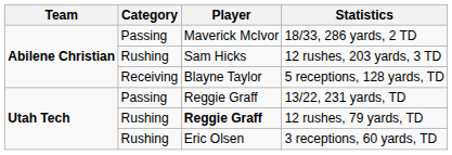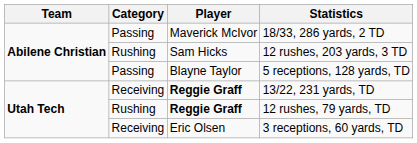 <table class="wikitable" style="float: right;">
 <tr>
 <th>Team</th>
 <th>Category</th>
 <th>Player</th>
 <th>Statistics</th>
 </tr>
 <tr>
 <td rowspan=3><strong>Abilene Christian</strong></td>
 <td>Passing</td>
 <td>Maverick McIvor</td>
 <td>18/33, 286 yards, 2 TD</td>
 </tr>
 <tr>
 <td>Rushing</td>
 <td>Sam Hicks</td>
 <td>12 rushes, 203 yards, 3 TD</td>
 </tr>
 <tr>
-<td>Receiving</td>
+<td>Passing</td>
 <td>Blayne Taylor</td>
 <td>5 receptions, 128 yards, TD</td>
 </tr>
 <tr>
 <td rowspan=3><strong>Utah Tech</strong></td>
-<td>Passing</td>
-<td>Reggie Graff</td>
+<td>Receiving</td>
+<td><strong>Reggie Graff</strong></td>
 <td>13/22, 231 yards, TD</td>
 </tr>
 <tr>
 <td>Rushing</td>
 <td><strong>Reggie Graff</strong></td>
 <td>12 rushes, 79 yards, TD</td>
 </tr>
 <tr>
-<td>Rushing</td>
+<td>Receiving</td>
 <td>Eric Olsen</td>
 <td>3 receptions, 60 yards, TD</td>
 </tr>
 </table>
